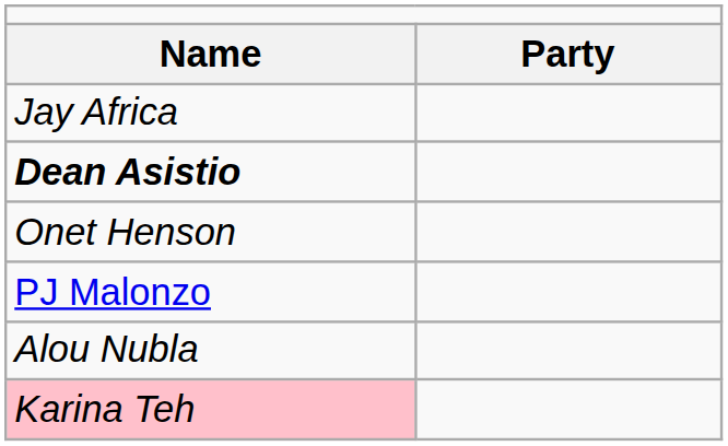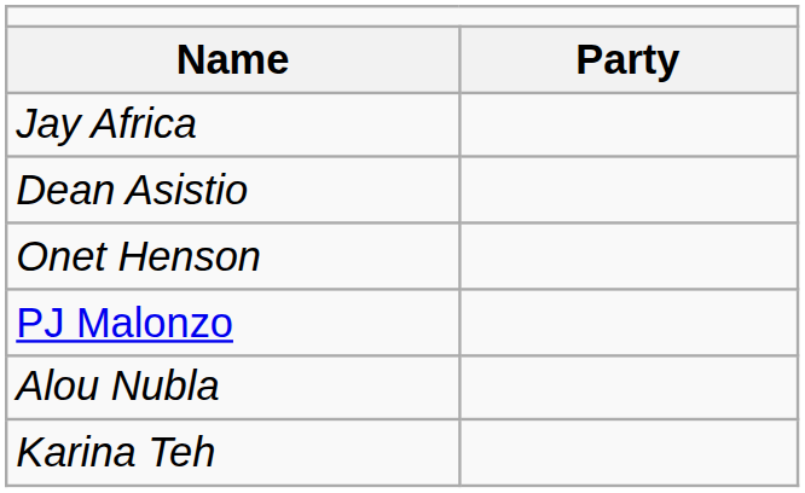 <table class="wikitable" style="font-size:90%">
 <tr>
 <td colspan="4"></td>
 </tr>
 <tr>
 <th width="150px">Name</th>
 <th colspan="2" width="110px">Party</th>
 </tr>
 <tr>
 <td><em>Jay Africa</em></td>
 <td></td>
 </tr>
 <tr>
-<td><strong><em>Dean Asistio</em></strong></td>
+<td><em>Dean Asistio</em></td>
 <td></td>
 </tr>
 <tr>
 <td><em>Onet Henson</em></td>
 <td></td>
 </tr>
 <tr>
 <td><a href='#'>PJ Malonzo</a></td>
 <td></td>
 </tr>
 <tr>
 <td><em>Alou Nubla</em></td>
 <td></td>
 </tr>
 <tr>
-<td style="background: pink;"><em>Karina Teh</em></td>
+<td><em>Karina Teh</em></td>
 <td></td>
 </tr>
 </table>
